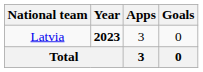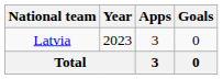 <table class=wikitable style="text-align: center">
 <tr>
 <th>National team</th>
 <th>Year</th>
 <th>Apps</th>
 <th>Goals</th>
 </tr>
 <tr>
 <td><a href='#'>Latvia</a></td>
-<td><strong>2023</strong></td>
+<td>2023</td>
 <td>3</td>
 <td>0</td>
 </tr>
 <tr>
 <th colspan="2">Total</th>
 <th>3</th>
 <th>0</th>
 </tr>
 </table>
